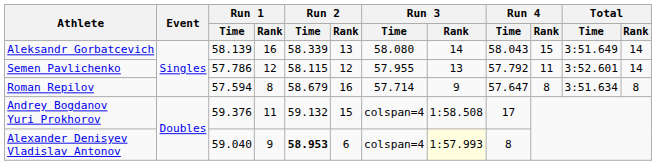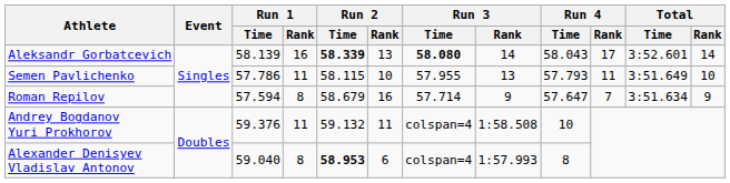 <table class=wikitable style="text-align:center; font-size:90%">
 <tr>
 <th rowspan=2>Athlete</th>
 <th rowspan=2>Event</th>
 <th colspan=2>Run 1</th>
 <th colspan=2>Run 2</th>
 <th colspan=2>Run 3</th>
 <th colspan=2>Run 4</th>
 <th colspan=2>Total</th>
 </tr>
 <tr style="font-size:95%">
 <th>Time</th>
 <th>Rank</th>
 <th>Time</th>
 <th>Rank</th>
 <th>Time</th>
 <th>Rank</th>
 <th>Time</th>
 <th>Rank</th>
 <th>Time</th>
 <th>Rank</th>
 </tr>
 <tr>
 <td align=left><a href='#'>Aleksandr Gorbatcevich</a></td>
 <td align=left rowspan=3><a href='#'>Singles</a></td>
 <td>58.139</td>
 <td>16</td>
-<td>58.339</td>
+<td><strong>58.339</strong></td>
 <td>13</td>
-<td>58.080</td>
+<td><strong>58.080</strong></td>
 <td>14</td>
 <td>58.043</td>
-<td>15</td>
-<td>3:51.649</td>
+<td>17</td>
+<td>3:52.601</td>
 <td>14</td>
 </tr>
 <tr>
 <td align=left><a href='#'>Semen Pavlichenko</a></td>
 <td>57.786</td>
-<td>12</td>
+<td>11</td>
 <td>58.115</td>
-<td>12</td>
+<td>10</td>
 <td>57.955</td>
 <td>13</td>
-<td>57.792</td>
+<td>57.793</td>
 <td>11</td>
-<td>3:52.601</td>
-<td>14</td>
+<td>3:51.649</td>
+<td>10</td>
 </tr>
 <tr>
 <td align=left><a href='#'>Roman Repilov</a></td>
 <td>57.594</td>
 <td>8</td>
 <td>58.679</td>
 <td>16</td>
 <td>57.714</td>
 <td>9</td>
 <td>57.647</td>
-<td>8</td>
+<td>7</td>
 <td>3:51.634</td>
-<td>8</td>
+<td>9</td>
 </tr>
 <tr>
 <td align=left><a href='#'>Andrey Bogdanov</a><br><a href='#'>Yuri Prokhorov</a></td>
 <td align=left rowspan=2><a href='#'>Doubles</a></td>
 <td>59.376</td>
 <td>11</td>
 <td>59.132</td>
-<td>15</td>
+<td>11</td>
 <td>colspan=4 </td>
 <td>1:58.508</td>
-<td>17</td>
+<td>10</td>
 </tr>
 <tr>
 <td align=left><a href='#'>Alexander Denisyev</a><br><a href='#'>Vladislav Antonov</a></td>
 <td>59.040</td>
-<td>9</td>
+<td>8</td>
 <td><strong>58.953</strong></td>
 <td>6</td>
 <td>colspan=4 </td>
-<td style="background: lightyellow;">1:57.993</td>
+<td>1:57.993</td>
 <td>8</td>
 </tr>
 </table>
